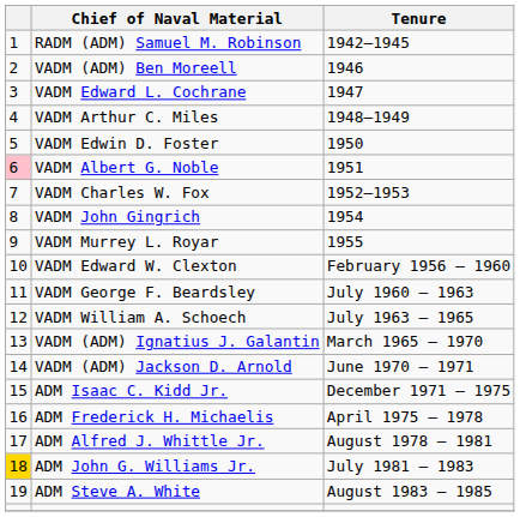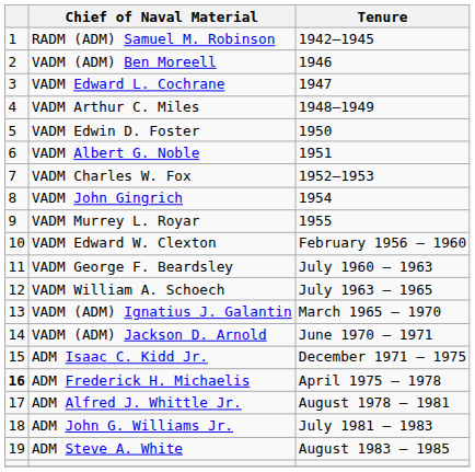 <table class="wikitable">
 <tr>
 <th></th>
 <th>Chief of Naval Material</th>
 <th>Tenure</th>
 </tr>
 <tr>
 <td>1</td>
 <td>RADM (ADM) <a href='#'>Samuel M. Robinson</a></td>
 <td>1942–1945</td>
 </tr>
 <tr>
 <td>2</td>
 <td>VADM (ADM) <a href='#'>Ben Moreell</a></td>
 <td>1946</td>
 </tr>
 <tr>
 <td>3</td>
 <td>VADM <a href='#'>Edward L. Cochrane</a></td>
 <td>1947</td>
 </tr>
 <tr>
 <td>4</td>
 <td>VADM Arthur C. Miles</td>
 <td>1948–1949</td>
 </tr>
 <tr>
 <td>5</td>
 <td>VADM Edwin D. Foster</td>
 <td>1950</td>
 </tr>
 <tr>
-<td style="background: pink;">6</td>
+<td>6</td>
 <td>VADM <a href='#'>Albert G. Noble</a></td>
 <td>1951</td>
 </tr>
 <tr>
 <td>7</td>
 <td>VADM Charles W. Fox</td>
 <td>1952–1953</td>
 </tr>
 <tr>
 <td>8</td>
 <td>VADM <a href='#'>John Gingrich</a></td>
 <td>1954</td>
 </tr>
 <tr>
 <td>9</td>
 <td>VADM Murrey L. Royar</td>
 <td>1955</td>
 </tr>
 <tr>
 <td>10</td>
 <td>VADM Edward W. Clexton</td>
 <td>February 1956 – 1960</td>
 </tr>
 <tr>
 <td>11</td>
 <td>VADM George F. Beardsley</td>
 <td>July 1960 – 1963</td>
 </tr>
 <tr>
 <td>12</td>
 <td>VADM William A. Schoech</td>
 <td>July 1963 – 1965</td>
 </tr>
 <tr>
 <td>13</td>
 <td>VADM (ADM) <a href='#'>Ignatius J. Galantin</a></td>
 <td>March 1965 – 1970</td>
 </tr>
 <tr>
 <td>14</td>
 <td>VADM (ADM) <a href='#'>Jackson D. Arnold</a></td>
 <td>June 1970 – 1971</td>
 </tr>
 <tr>
 <td>15</td>
 <td>ADM <a href='#'>Isaac C. Kidd Jr.</a></td>
 <td>December 1971 – 1975</td>
 </tr>
 <tr>
-<td>16</td>
+<td><strong>16</strong></td>
 <td>ADM <a href='#'>Frederick H. Michaelis</a></td>
 <td>April 1975 – 1978</td>
 </tr>
 <tr>
 <td>17</td>
 <td>ADM <a href='#'>Alfred J. Whittle Jr.</a></td>
 <td>August 1978 – 1981</td>
 </tr>
 <tr>
-<td style="background: gold;">18</td>
+<td>18</td>
 <td>ADM <a href='#'>John G. Williams Jr.</a></td>
 <td>July 1981 – 1983</td>
 </tr>
 <tr>
 <td>19</td>
 <td>ADM <a href='#'>Steve A. White</a></td>
 <td>August 1983 – 1985</td>
 </tr>
 <tr>
 <td></td>
 <td></td>
 <td></td>
 </tr>
 <tr>
 </tr>
 </table>
